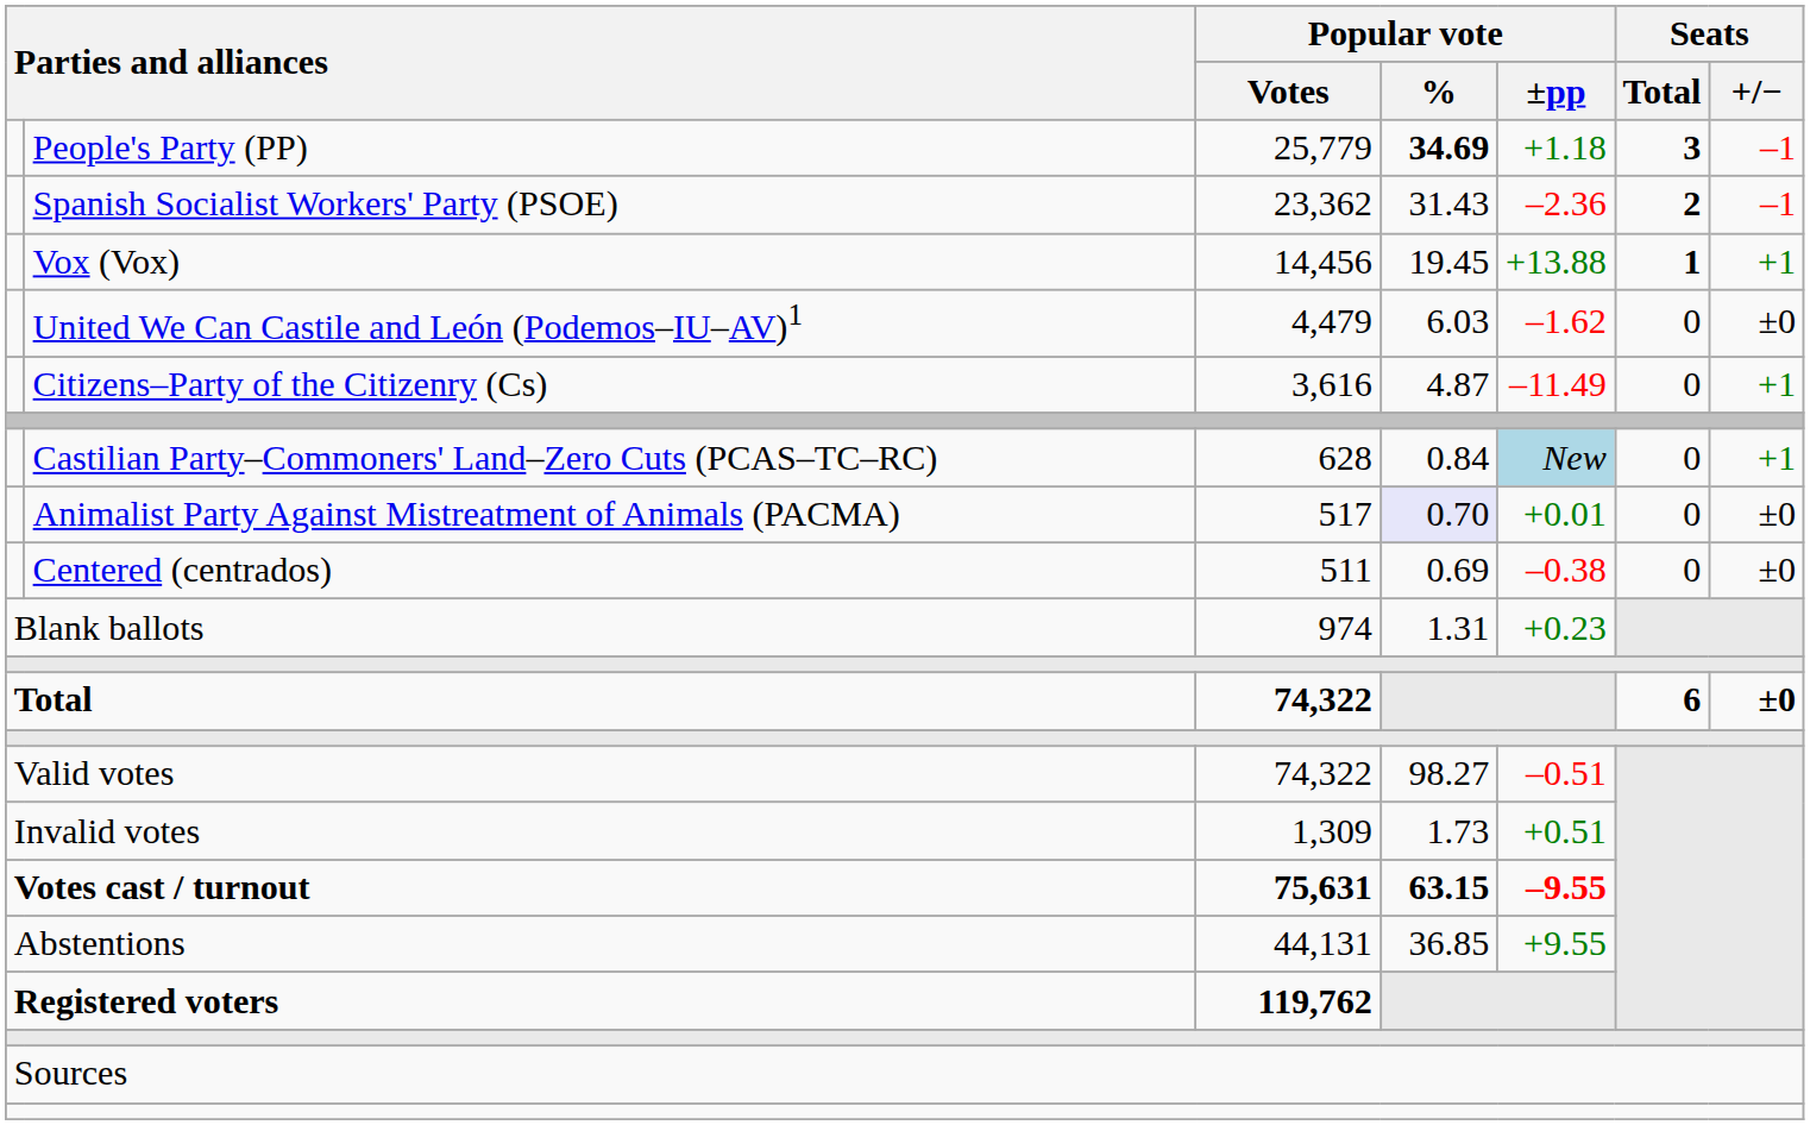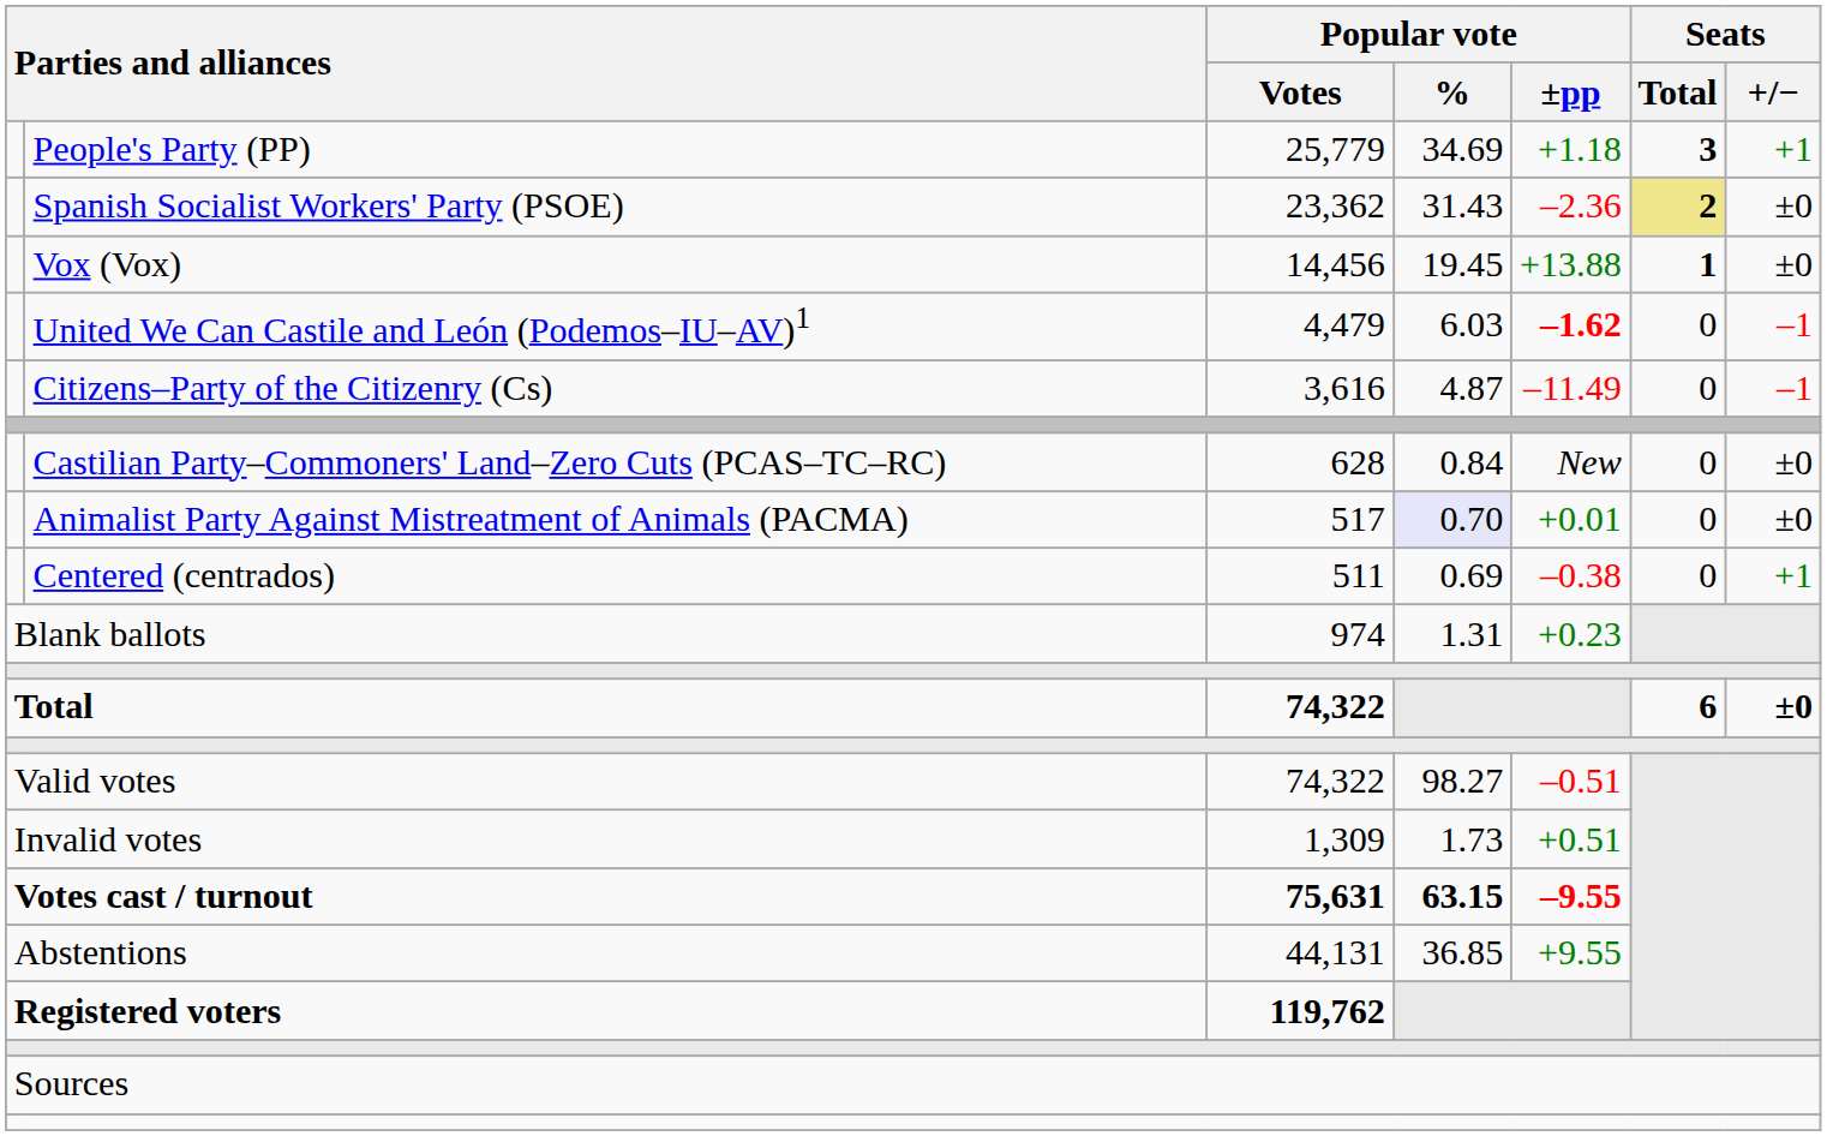 <table class="wikitable" style="text-align:right;">
 <tr>
 <th style="text-align:left;" rowspan="2" colspan="2" width="525">Parties and alliances</th>
 <th colspan="3">Popular vote</th>
 <th colspan="2">Seats</th>
 </tr>
 <tr>
 <th width="75">Votes</th>
 <th width="45">%</th>
 <th width="45">±<a href='#'>pp</a></th>
 <th width="35">Total</th>
 <th width="35">+/−</th>
 </tr>
 <tr>
 <td width="1" style="color:inherit;background:"></td>
 <td align="left"><a href='#'>People's Party</a> (PP)</td>
 <td>25,779</td>
-<td><strong>34.69</strong></td>
+<td>34.69</td>
 <td style="color:green;">+1.18</td>
 <td><strong>3</strong></td>
-<td style="color:red;">–1</td>
+<td style="color:green;">+1</td>
 </tr>
 <tr>
 <td style="color:inherit;background:"></td>
 <td align="left"><a href='#'>Spanish Socialist Workers' Party</a> (PSOE)</td>
 <td>23,362</td>
 <td>31.43</td>
 <td style="color:red;">–2.36</td>
-<td><strong>2</strong></td>
-<td style="color:red;">–1</td>
+<td style="background: khaki;"><strong>2</strong></td>
+<td>±0</td>
 </tr>
 <tr>
 <td style="color:inherit;background:"></td>
 <td align="left"><a href='#'>Vox</a> (Vox)</td>
 <td>14,456</td>
 <td>19.45</td>
 <td style="color:green;">+13.88</td>
 <td><strong>1</strong></td>
-<td style="color:green;">+1</td>
+<td>±0</td>
 </tr>
 <tr>
 <td style="color:inherit;background:"></td>
 <td align="left"><a href='#'>United We Can Castile and León</a> (<a href='#'>Podemos</a>–<a href='#'>IU</a>–<a href='#'>AV</a>)<sup>1</sup></td>
 <td>4,479</td>
 <td>6.03</td>
-<td style="color:red;">–1.62</td>
+<td style="color:red;"><strong>–1.62</strong></td>
 <td>0</td>
-<td>±0</td>
+<td style="color:red;">–1</td>
 </tr>
 <tr>
 <td style="color:inherit;background:"></td>
 <td align="left"><a href='#'>Citizens–Party of the Citizenry</a> (Cs)</td>
 <td>3,616</td>
 <td>4.87</td>
 <td style="color:red;">–11.49</td>
 <td>0</td>
-<td style="color:green;">+1</td>
+<td style="color:red;">–1</td>
 </tr>
 <tr>
 <td colspan="7" bgcolor="#C0C0C0"></td>
 </tr>
 <tr>
 <td style="color:inherit;background:"></td>
 <td align="left"><a href='#'>Castilian Party</a>–<a href='#'>Commoners' Land</a>–<a href='#'>Zero Cuts</a> (PCAS–TC–RC)</td>
 <td>628</td>
 <td>0.84</td>
-<td style="background: lightblue;"><em>New</em></td>
+<td><em>New</em></td>
 <td>0</td>
-<td style="color:green;">+1</td>
+<td>±0</td>
 </tr>
 <tr>
 <td style="color:inherit;background:"></td>
 <td align="left"><a href='#'>Animalist Party Against Mistreatment of Animals</a> (PACMA)</td>
 <td>517</td>
 <td style="background: lavender;">0.70</td>
 <td style="color:green;">+0.01</td>
 <td>0</td>
 <td>±0</td>
 </tr>
 <tr>
 <td style="color:inherit;background:"></td>
 <td align="left"><a href='#'>Centered</a> (centrados)</td>
 <td>511</td>
 <td>0.69</td>
 <td style="color:red;">–0.38</td>
 <td>0</td>
-<td>±0</td>
+<td style="color:green;">+1</td>
 </tr>
 <tr>
 <td align="left" colspan="2">Blank ballots</td>
 <td>974</td>
 <td>1.31</td>
 <td style="color:green;">+0.23</td>
 <td bgcolor="#E9E9E9" colspan="2"></td>
 </tr>
 <tr>
 <td colspan="7" bgcolor="#E9E9E9"></td>
 </tr>
 <tr style="font-weight:bold;">
 <td align="left" colspan="2">Total</td>
 <td>74,322</td>
 <td bgcolor="#E9E9E9" colspan="2"></td>
 <td>6</td>
 <td>±0</td>
 </tr>
 <tr>
 <td colspan="7" bgcolor="#E9E9E9"></td>
 </tr>
 <tr>
 <td align="left" colspan="2">Valid votes</td>
 <td>74,322</td>
 <td>98.27</td>
 <td style="color:red;">–0.51</td>
 <td bgcolor="#E9E9E9" colspan="2" rowspan="5"></td>
 </tr>
 <tr>
 <td align="left" colspan="2">Invalid votes</td>
 <td>1,309</td>
 <td>1.73</td>
 <td style="color:green;">+0.51</td>
 </tr>
 <tr style="font-weight:bold;">
 <td align="left" colspan="2">Votes cast / turnout</td>
 <td>75,631</td>
 <td>63.15</td>
 <td style="color:red;">–9.55</td>
 </tr>
 <tr>
 <td align="left" colspan="2">Abstentions</td>
 <td>44,131</td>
 <td>36.85</td>
 <td style="color:green;">+9.55</td>
 </tr>
 <tr style="font-weight:bold;">
 <td align="left" colspan="2">Registered voters</td>
 <td>119,762</td>
 <td bgcolor="#E9E9E9" colspan="2"></td>
 </tr>
 <tr>
 <td colspan="7" bgcolor="#E9E9E9"></td>
 </tr>
 <tr>
 <td align="left" colspan="7">Sources</td>
 </tr>
 <tr>
 <td colspan="7" style="text-align:left; max-width:790px;"></td>
 </tr>
 </table>
